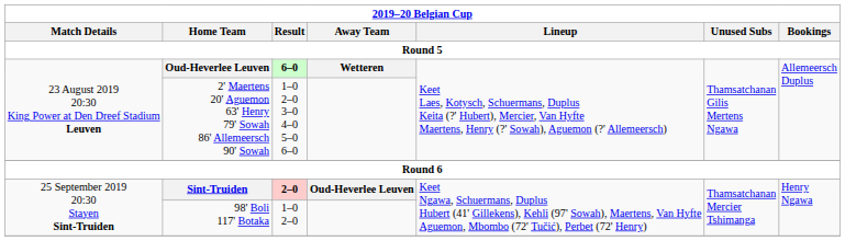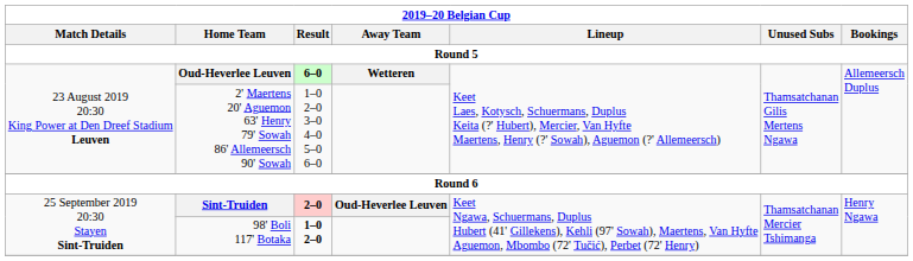 <table class="wikitable" style="font-size:85%">
 <tr>
 <td colspan="7" align="center" style="background:white;"><strong><a href='#'>2019–20 Belgian Cup</a></strong></td>
 </tr>
 <tr>
 <th>Match Details</th>
 <th>Home Team</th>
 <th>Result</th>
 <th>Away Team</th>
 <th>Lineup</th>
 <th>Unused Subs</th>
 <th>Bookings</th>
 </tr>
 <tr>
 <td style="background:white;" align="center" colspan="7"><strong>Round 5</strong></td>
 </tr>
 <tr>
 <td rowspan="2" align="center">23 August 2019<br>20:30<br><a href='#'>King Power at Den Dreef Stadium</a><br><strong>Leuven</strong><br></td>
 <th><strong>Oud-Heverlee Leuven</strong></th>
 <th style="background: #CCFFCC;">6–0</th>
 <th>Wetteren</th>
 <td rowspan="2"><a href='#'>Keet</a><br><a href='#'>Laes</a>, <a href='#'>Kotysch</a>, <a href='#'>Schuermans</a>, <a href='#'>Duplus</a><br><a href='#'>Keita</a> (?' <a href='#'>Hubert</a>), <a href='#'>Mercier</a>, <a href='#'>Van Hyfte</a><br><a href='#'>Maertens</a>, <a href='#'>Henry</a> (?' <a href='#'>Sowah</a>), <a href='#'>Aguemon</a> (?' <a href='#'>Allemeersch</a>)</td>
 <td rowspan="2"><a href='#'>Thamsatchanan</a><br><a href='#'>Gilis</a><br><a href='#'>Mertens</a><br><a href='#'>Ngawa</a></td>
 <td rowspan="2" valign="top"> <a href='#'>Allemeersch</a><br> <a href='#'>Duplus</a></td>
 </tr>
 <tr valign="top">
 <td align="right">2' <a href='#'>Maertens</a><br>20' <a href='#'>Aguemon</a><br>63' <a href='#'>Henry</a><br>79' <a href='#'>Sowah</a><br>86' <a href='#'>Allemeersch</a><br>90' <a href='#'>Sowah</a></td>
 <td align="center">1–0<br>2–0<br>3–0<br>4–0<br>5–0<br>6–0</td>
 <td></td>
 </tr>
 <tr>
 </tr>
 <tr>
 <td style="background:white;" align="center" colspan="7"><strong>Round 6</strong></td>
 </tr>
 <tr>
 <td rowspan="2" align="center">25 September 2019<br>20:30<br><a href='#'>Stayen</a><br><strong>Sint-Truiden</strong><br></td>
 <th><a href='#'>Sint-Truiden</a></th>
 <th style="background: #FFCCCC;">2–0 </th>
 <th><strong>Oud-Heverlee Leuven</strong></th>
 <td rowspan="2"><a href='#'>Keet</a><br><a href='#'>Ngawa</a>, <a href='#'>Schuermans</a>, <a href='#'>Duplus</a><br><a href='#'>Hubert</a> (41' <a href='#'>Gillekens</a>), <a href='#'>Kehli</a> (97' <a href='#'>Sowah</a>), <a href='#'>Maertens</a>, <a href='#'>Van Hyfte</a><br><a href='#'>Aguemon</a>, <a href='#'>Mbombo</a> (72' <a href='#'>Tučić</a>), <a href='#'>Perbet</a> (72' <a href='#'>Henry</a>)</td>
 <td rowspan="2"><a href='#'>Thamsatchanan</a><br><a href='#'>Mercier</a><br><a href='#'>Tshimanga</a></td>
 <td rowspan="2" valign="top"> <a href='#'>Henry</a><br> <a href='#'>Ngawa</a></td>
 </tr>
 <tr valign="top">
 <td align="right">98' <a href='#'>Boli</a><br>117' <a href='#'>Botaka</a></td>
-<td align="center">1–0<br>2–0</td>
+<td align="center"><strong>1–0<br>2–0</strong></td>
 <td></td>
 </tr>
 <tr>
 </tr>
 </table>
